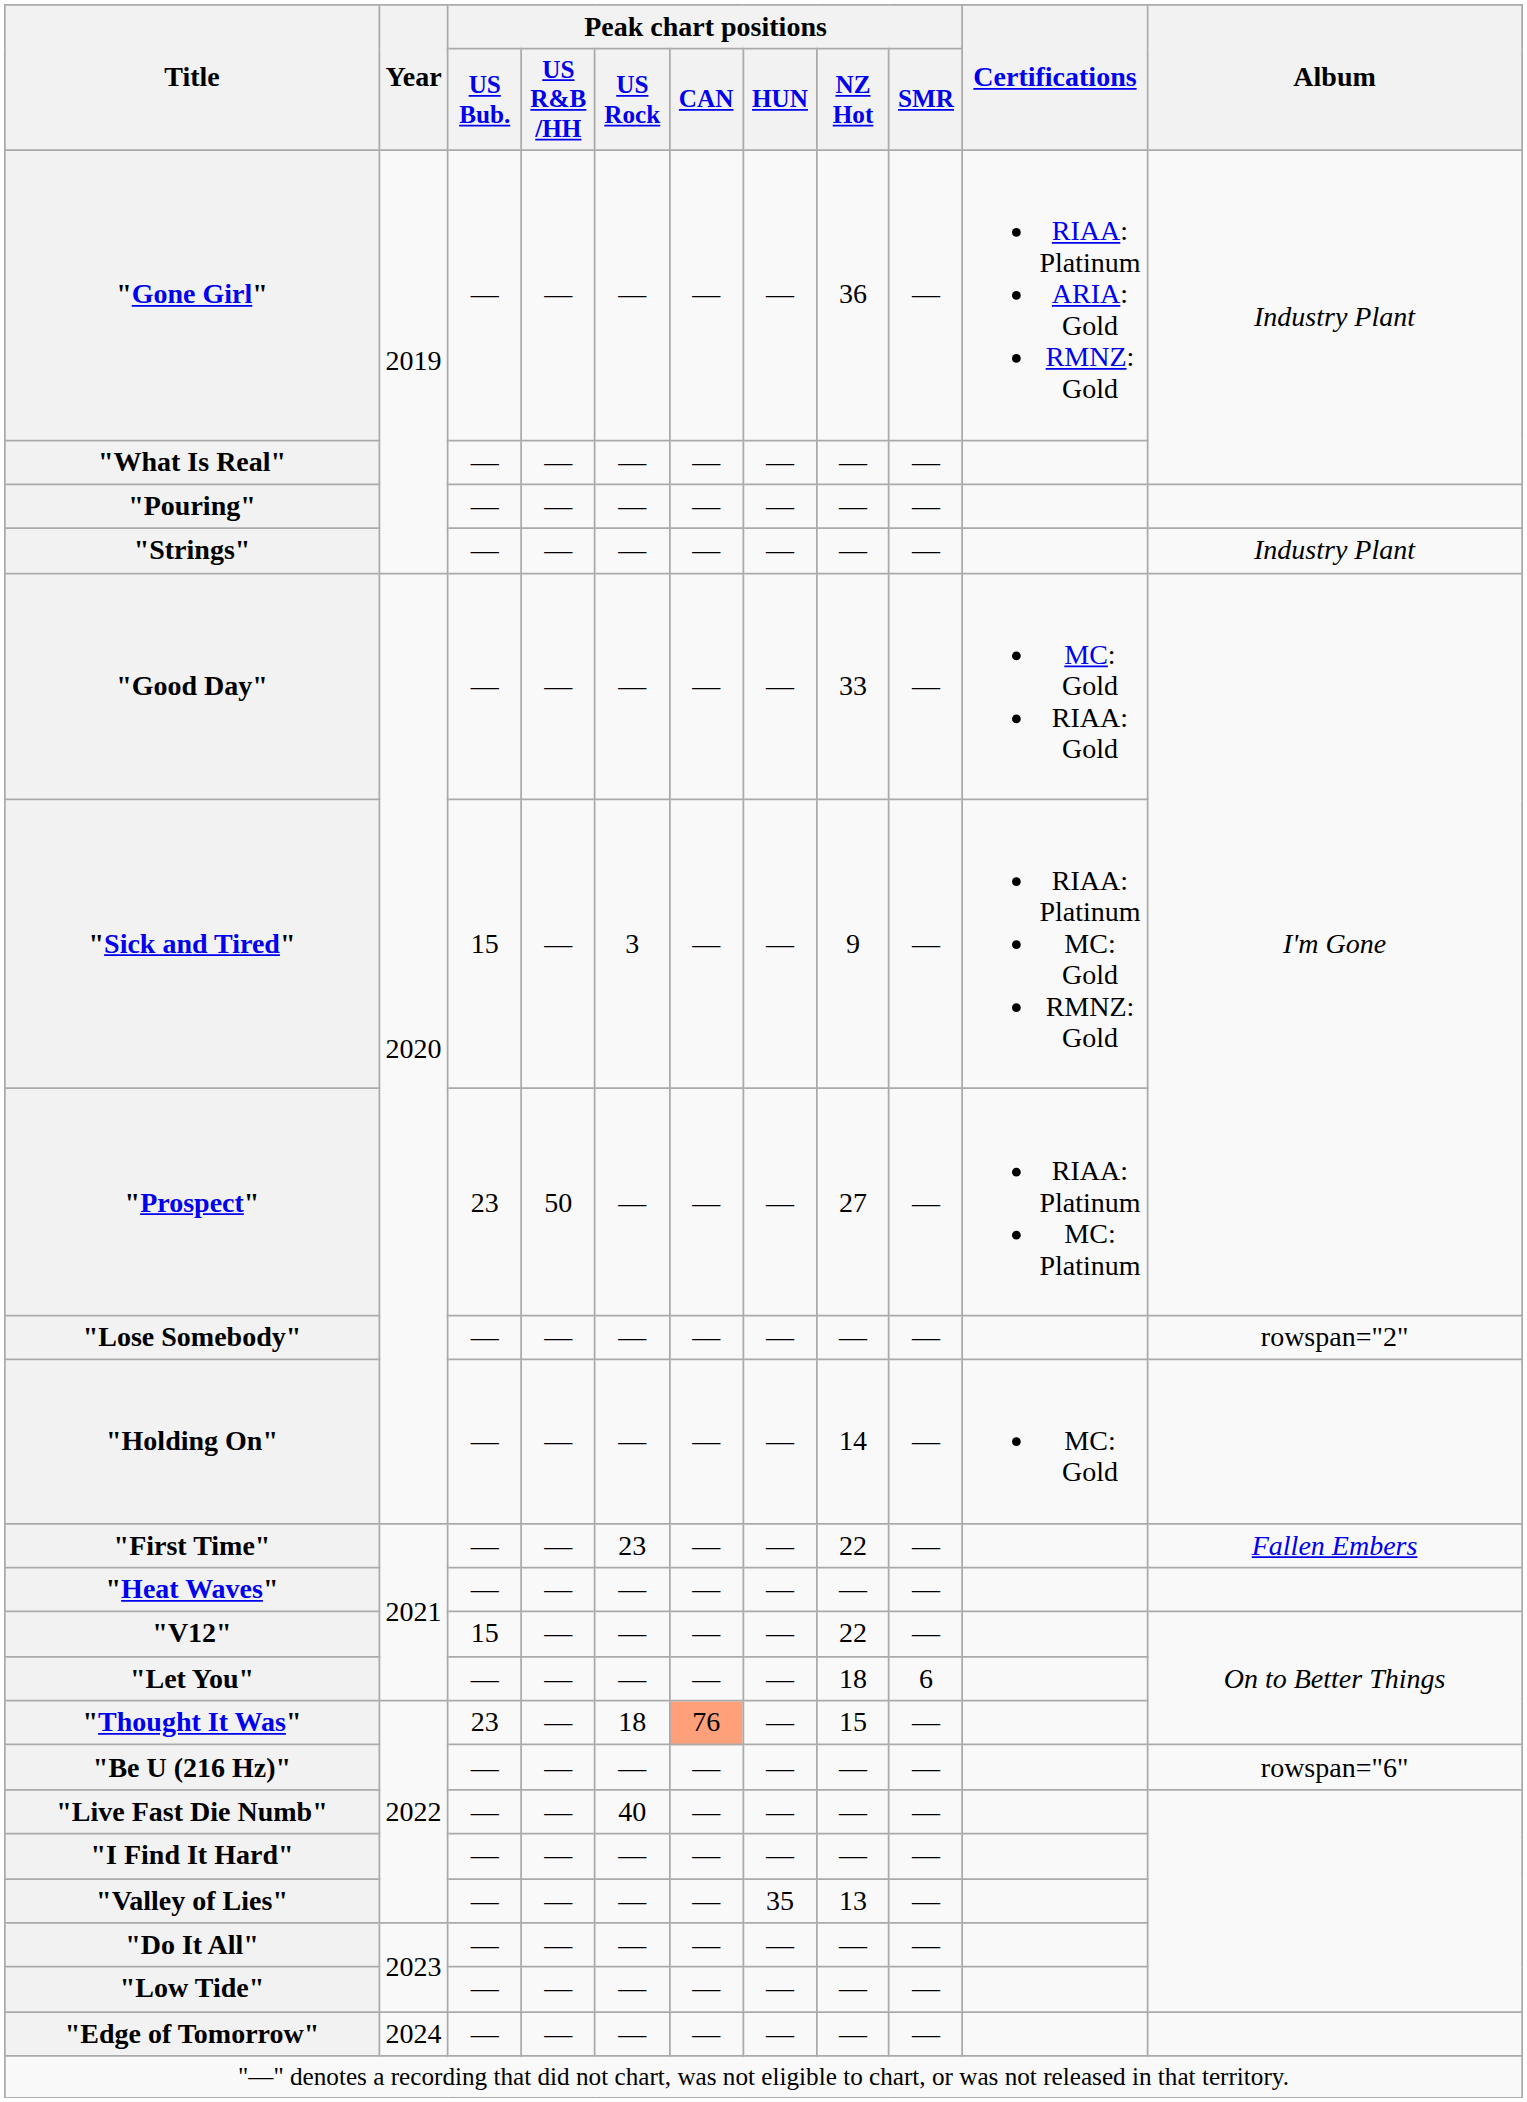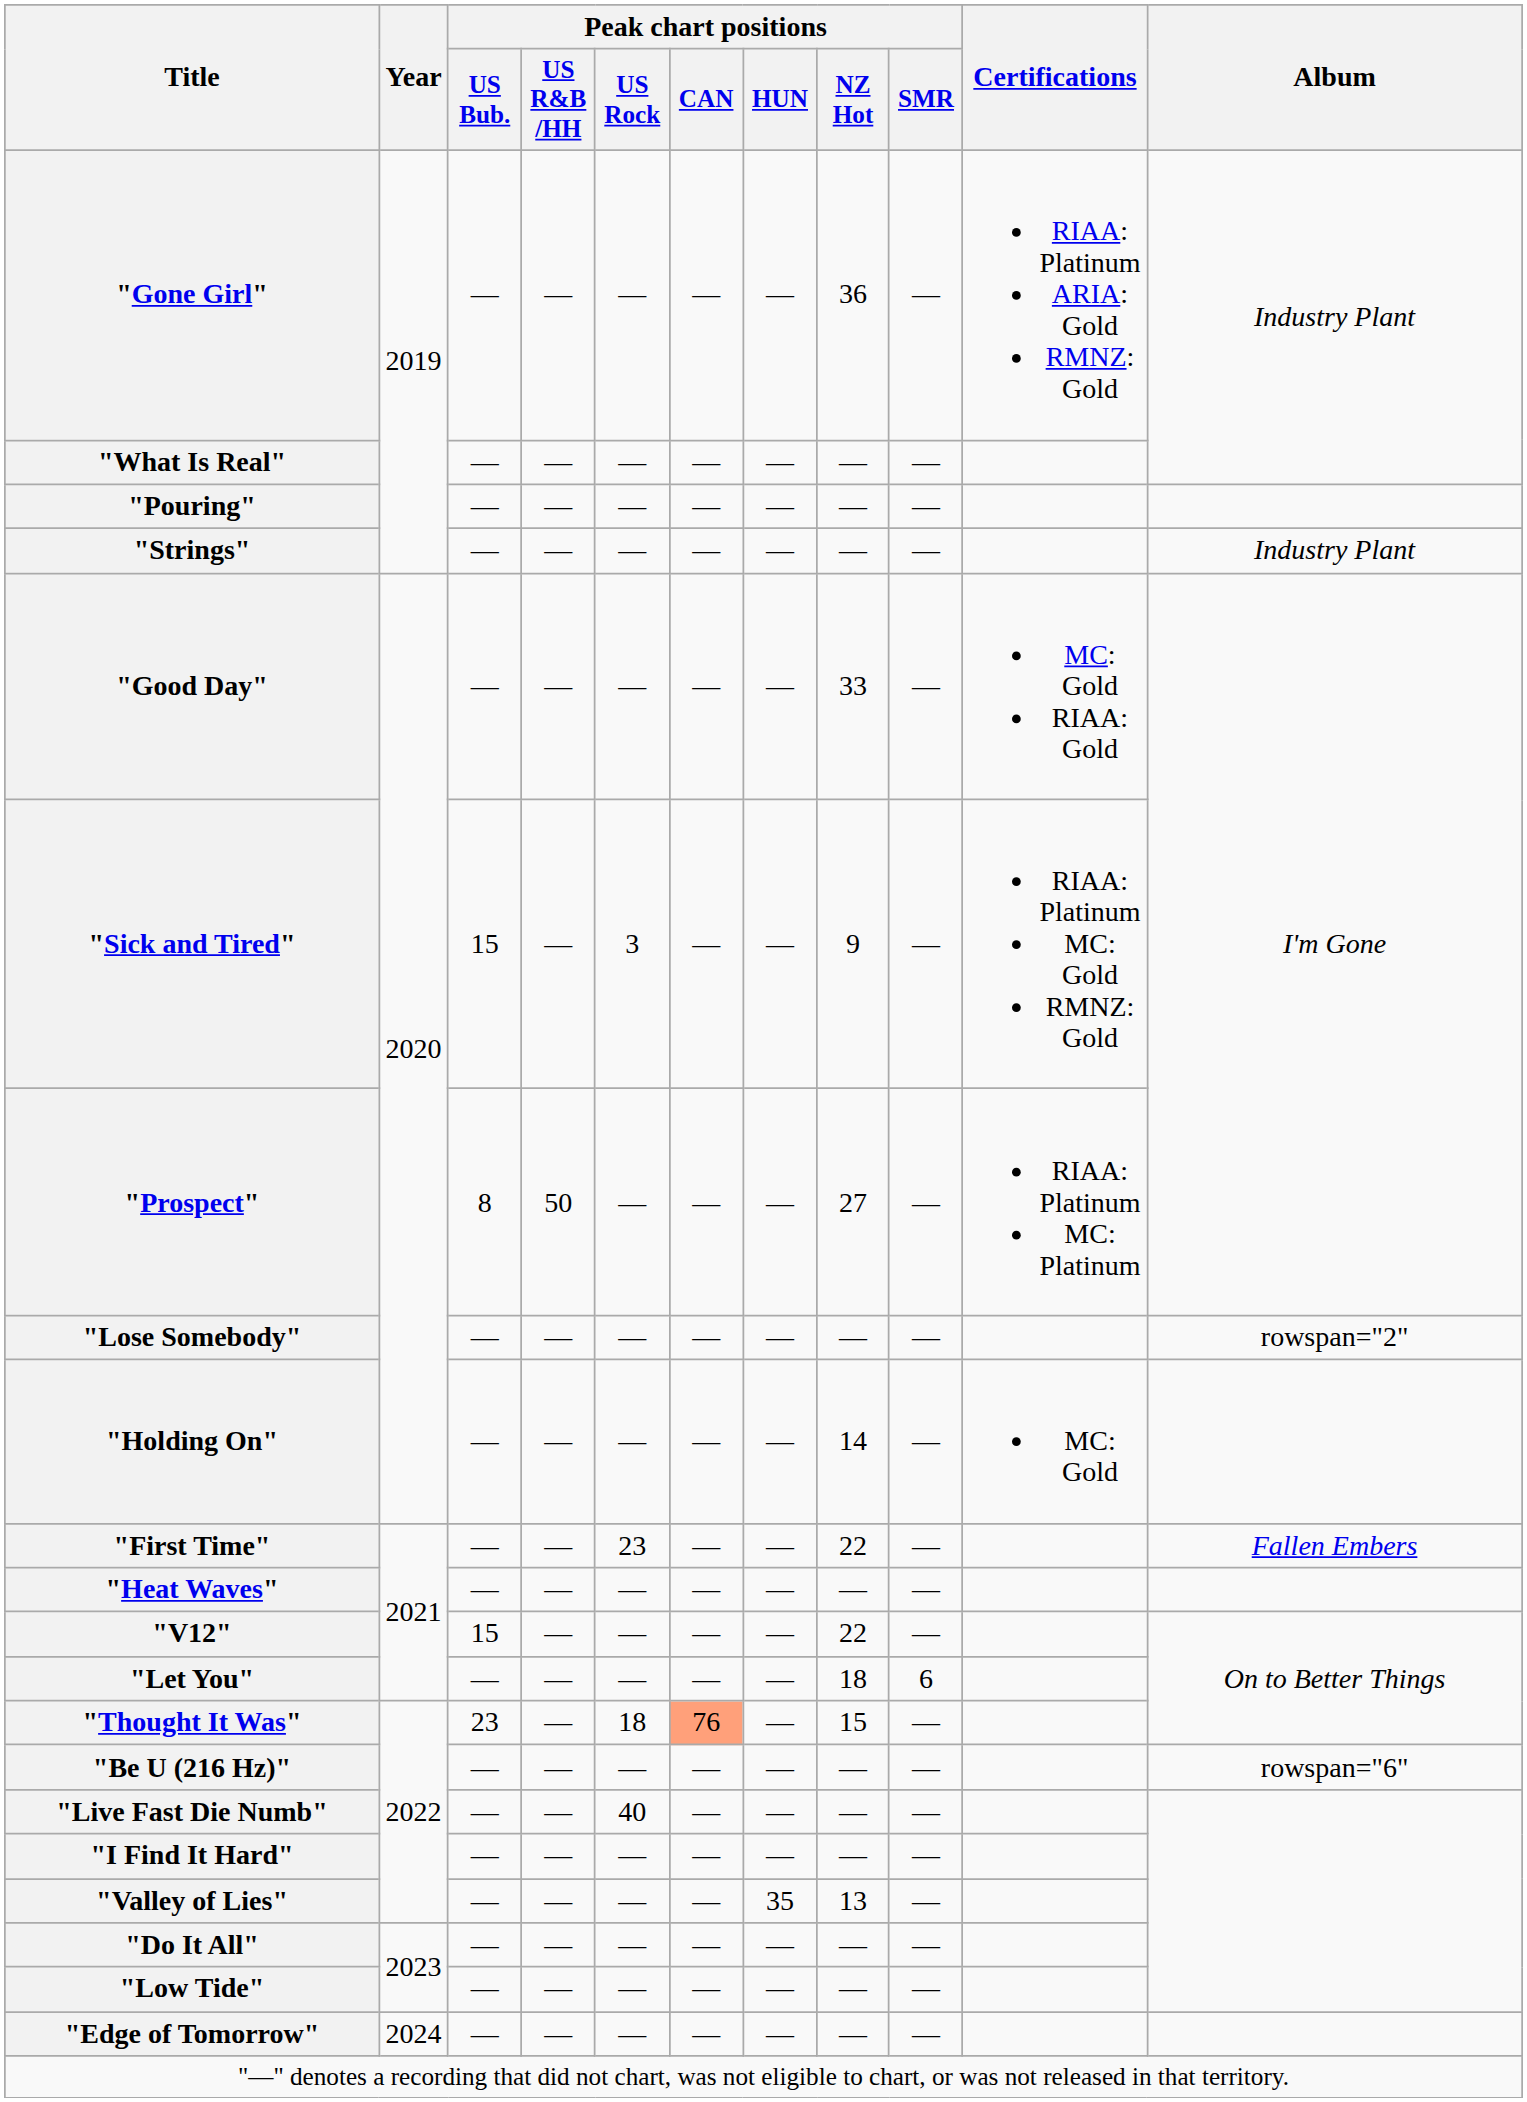 <table class="wikitable plainrowheaders" style="text-align:center;">
 <tr>
 <th scope="col" rowspan="2" style="width:14em;">Title</th>
 <th scope="col" rowspan="2" style="width:1em;">Year</th>
 <th colspan="7" scope="col">Peak chart positions</th>
 <th scope="col" rowspan="2"><a href='#'>Certifications</a></th>
 <th scope="col" rowspan="2" style="width:14em;">Album</th>
 </tr>
 <tr>
 <th scope="col" style="width:2.5em;font-size:90%;"><a href='#'>US<br>Bub.</a><br></th>
 <th scope="col" style="width:2.5em;font-size:90%;"><a href='#'>US<br>R&B<br>/HH</a><br></th>
 <th scope="col" style="width:2.5em; font-size:90%;"><a href='#'>US<br>Rock</a><br></th>
 <th scope="col" style="width:2.5em; font-size:90%;"><a href='#'>CAN</a><br></th>
 <th scope="col" style="width:2.5em;font-size:90%;"><a href='#'>HUN</a><br></th>
 <th scope="col" style="width:2.5em;font-size:90%;"><a href='#'>NZ<br>Hot</a><br></th>
 <th scope="col" style="width:2.5em;font-size:90%;"><a href='#'>SMR</a><br></th>
 </tr>
 <tr>
 <th scope="row">"<a href='#'>Gone Girl</a>"<br></th>
 <td rowspan="4">2019</td>
 <td>—</td>
 <td>—</td>
 <td>—</td>
 <td>—</td>
 <td>—</td>
 <td>36</td>
 <td>—</td>
 <td><br><ul><li><a href='#'>RIAA</a>: Platinum</li><li><a href='#'>ARIA</a>: Gold</li><li><a href='#'>RMNZ</a>: Gold</li></ul></td>
 <td rowspan="2"><em>Industry Plant</em></td>
 </tr>
 <tr>
 <th scope="row">"What Is Real"</th>
 <td>—</td>
 <td>—</td>
 <td>—</td>
 <td>—</td>
 <td>—</td>
 <td>—</td>
 <td>—</td>
 <td></td>
 </tr>
 <tr>
 <th scope="row">"Pouring"</th>
 <td>—</td>
 <td>—</td>
 <td>—</td>
 <td>—</td>
 <td>—</td>
 <td>—</td>
 <td>—</td>
 <td></td>
 <td></td>
 </tr>
 <tr>
 <th scope="row">"Strings"<br></th>
 <td>—</td>
 <td>—</td>
 <td>—</td>
 <td>—</td>
 <td>—</td>
 <td>—</td>
 <td>—</td>
 <td></td>
 <td><em>Industry Plant</em></td>
 </tr>
 <tr>
 <th scope="row">"Good Day"</th>
 <td rowspan="5">2020</td>
 <td>—</td>
 <td>—</td>
 <td>—</td>
 <td>—</td>
 <td>—</td>
 <td>33</td>
 <td>—</td>
 <td><br><ul><li><a href='#'>MC</a>: Gold</li><li>RIAA: Gold</li></ul></td>
 <td rowspan="3"><em>I'm Gone</em></td>
 </tr>
 <tr>
 <th scope="row">"<a href='#'>Sick and Tired</a>"<br></th>
 <td>15</td>
 <td>—</td>
 <td>3</td>
 <td>—</td>
 <td>—</td>
 <td>9</td>
 <td>—</td>
 <td><br><ul><li>RIAA: Platinum</li><li>MC: Gold</li><li>RMNZ: Gold</li></ul></td>
 </tr>
 <tr>
 <th scope="row">"<a href='#'>Prospect</a>"<br></th>
-<td>23</td>
+<td>8</td>
 <td>50</td>
 <td>—</td>
 <td>—</td>
 <td>—</td>
 <td>27</td>
 <td>—</td>
 <td><br><ul><li>RIAA: Platinum</li><li>MC: Platinum</li></ul></td>
 </tr>
 <tr>
 <th scope="row">"Lose Somebody"<br></th>
 <td>—</td>
 <td>—</td>
 <td>—</td>
 <td>—</td>
 <td>—</td>
 <td>—</td>
 <td>—</td>
 <td></td>
 <td>rowspan="2" </td>
 </tr>
 <tr>
 <th scope="row">"Holding On"</th>
 <td>—</td>
 <td>—</td>
 <td>—</td>
 <td>—</td>
 <td>—</td>
 <td>14</td>
 <td>—</td>
 <td><br><ul><li>MC: Gold</li></ul></td>
 </tr>
 <tr>
 <th scope="row">"First Time"<br></th>
 <td rowspan="4">2021</td>
 <td>—</td>
 <td>—</td>
 <td>23</td>
 <td>—</td>
 <td>—</td>
 <td>22</td>
 <td>—</td>
 <td></td>
 <td><em><a href='#'>Fallen Embers</a></em></td>
 </tr>
 <tr>
 <th scope="row">"<a href='#'>Heat Waves</a>" <br></th>
 <td>—</td>
 <td>—</td>
 <td>—</td>
 <td>—</td>
 <td>—</td>
 <td>—</td>
 <td>—</td>
 <td></td>
 <td></td>
 </tr>
 <tr>
 <th scope="row">"V12"<br></th>
 <td>15</td>
 <td>—</td>
 <td>—</td>
 <td>—</td>
 <td>—</td>
 <td>22</td>
 <td>—</td>
 <td></td>
 <td rowspan="3"><em>On to Better Things</em></td>
 </tr>
 <tr>
 <th scope="row">"Let You"</th>
 <td>—</td>
 <td>—</td>
 <td>—</td>
 <td>—</td>
 <td>—</td>
 <td>18</td>
 <td>6</td>
 <td></td>
 </tr>
 <tr>
 <th scope="row">"<a href='#'>Thought It Was</a>"<br></th>
 <td rowspan="5">2022</td>
 <td>23</td>
 <td>—</td>
 <td>18</td>
 <td style="background: lightsalmon;">76</td>
 <td>—</td>
 <td>15</td>
 <td>—</td>
 <td></td>
 </tr>
 <tr>
 <th scope="row">"Be U (216 Hz)"<br></th>
 <td>—</td>
 <td>—</td>
 <td>—</td>
 <td>—</td>
 <td>—</td>
 <td>—</td>
 <td>—</td>
 <td></td>
 <td>rowspan="6" </td>
 </tr>
 <tr>
 <th scope="row">"Live Fast Die Numb"</th>
 <td>—</td>
 <td>—</td>
 <td>40</td>
 <td>—</td>
 <td>—</td>
 <td>—</td>
 <td>—</td>
 <td></td>
 </tr>
 <tr>
 <th scope="row">"I Find It Hard"</th>
 <td>—</td>
 <td>—</td>
 <td>—</td>
 <td>—</td>
 <td>—</td>
 <td>—</td>
 <td>—</td>
 <td></td>
 </tr>
 <tr>
 <th scope="row">"Valley of Lies"<br></th>
 <td>—</td>
 <td>—</td>
 <td>—</td>
 <td>—</td>
 <td>35</td>
 <td>13</td>
 <td>—</td>
 <td></td>
 </tr>
 <tr>
 <th scope="row">"Do It All"</th>
 <td rowspan="2">2023</td>
 <td>—</td>
 <td>—</td>
 <td>—</td>
 <td>—</td>
 <td>—</td>
 <td>—</td>
 <td>—</td>
 <td></td>
 </tr>
 <tr>
 <th scope="row">"Low Tide"</th>
 <td>—</td>
 <td>—</td>
 <td>—</td>
 <td>—</td>
 <td>—</td>
 <td>—</td>
 <td>—</td>
 <td></td>
 </tr>
 <tr>
 <th scope="row">"Edge of Tomorrow"</th>
 <td>2024</td>
 <td>—</td>
 <td>—</td>
 <td>—</td>
 <td>—</td>
 <td>—</td>
 <td>—</td>
 <td>—</td>
 <td></td>
 <td></td>
 </tr>
 <tr>
 <td colspan="11" style="font-size:90%">"—" denotes a recording that did not chart, was not eligible to chart, or was not released in that territory.</td>
 </tr>
 </table>
